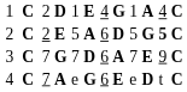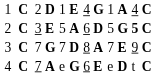 <table>
 <tr>
 <td>1</td>
 <td></td>
 <td><strong>C</strong></td>
 <td></td>
 <td>2</td>
 <td><strong>D</strong></td>
 <td>1</td>
 <td><strong>E</strong></td>
 <td><u>4</u></td>
 <td><strong>G</strong></td>
 <td>1</td>
 <td><strong>A</strong></td>
 <td><u>4</u></td>
 <td><strong>C</strong></td>
 </tr>
 <tr>
 <td>2</td>
 <td></td>
 <td><strong>C</strong></td>
 <td></td>
-<td><u>2</u></td>
+<td><u>3</u></td>
 <td><strong>E</strong></td>
 <td>5</td>
 <td><strong>A</strong></td>
 <td><u>6</u></td>
 <td><strong>D</strong></td>
 <td>5</td>
 <td><strong>G</strong></td>
 <td><strong>5</strong></td>
 <td><strong>C</strong></td>
 </tr>
 <tr>
 <td>3</td>
 <td></td>
 <td><strong>C</strong></td>
 <td></td>
 <td>7</td>
 <td><strong>G</strong></td>
 <td>7</td>
 <td><strong>D</strong></td>
-<td><u>6</u></td>
+<td><u>8</u></td>
 <td><strong>A</strong></td>
 <td>7</td>
 <td><strong>E</strong></td>
 <td><u>9</u></td>
 <td><strong>C</strong></td>
 </tr>
 <tr>
 <td>4</td>
 <td></td>
 <td><strong>C</strong></td>
 <td></td>
 <td><u>7</u></td>
 <td><strong>A</strong></td>
 <td>e</td>
 <td><strong>G</strong></td>
 <td><u>6</u></td>
 <td><strong>E</strong></td>
 <td>e</td>
 <td><strong>D</strong></td>
 <td>t</td>
 <td><strong>C</strong></td>
 </tr>
 </table>
